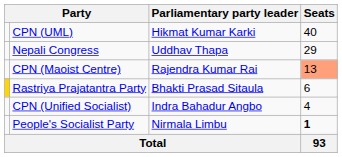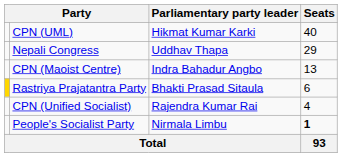 <table class="wikitable">
 <tr>
 <th colspan="2">Party</th>
 <th>Parliamentary party leader</th>
 <th>Seats</th>
 </tr>
 <tr>
 <td></td>
 <td><a href='#'>CPN (UML)</a></td>
 <td><a href='#'>Hikmat Kumar Karki</a></td>
 <td>40</td>
 </tr>
 <tr>
 <td></td>
 <td><a href='#'>Nepali Congress</a></td>
 <td><a href='#'>Uddhav Thapa</a></td>
 <td>29</td>
 </tr>
 <tr>
 <td></td>
 <td><a href='#'>CPN (Maoist Centre)</a></td>
-<td><a href='#'>Rajendra Kumar Rai</a></td>
-<td style="background: lightsalmon;">13</td>
+<td><a href='#'>Indra Bahadur Angbo</a></td>
+<td>13</td>
 </tr>
 <tr>
 <td bgcolor="#FFD700"></td>
 <td><a href='#'>Rastriya Prajatantra Party</a></td>
 <td><a href='#'>Bhakti Prasad Sitaula</a></td>
 <td>6</td>
 </tr>
 <tr>
 <td></td>
 <td><a href='#'>CPN (Unified Socialist)</a></td>
-<td><a href='#'>Indra Bahadur Angbo</a></td>
+<td><a href='#'>Rajendra Kumar Rai</a></td>
 <td>4</td>
 </tr>
 <tr>
 <td></td>
 <td><a href='#'>People's Socialist Party</a></td>
 <td><a href='#'>Nirmala Limbu</a></td>
 <td><strong>1</strong></td>
 </tr>
 <tr>
 <th colspan="3"><strong>Total</strong></th>
 <th><strong>93</strong></th>
 </tr>
 </table>
